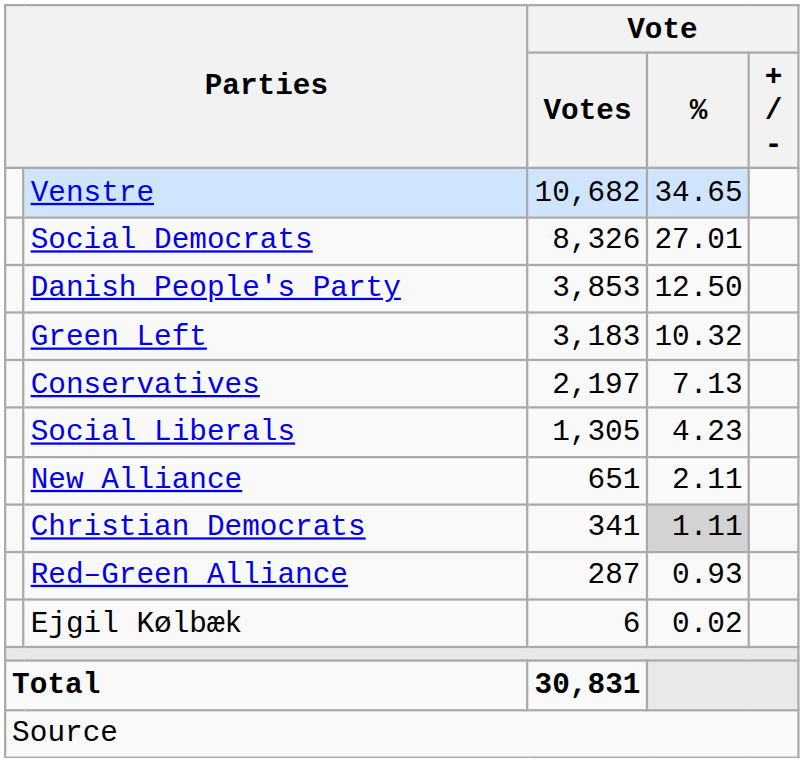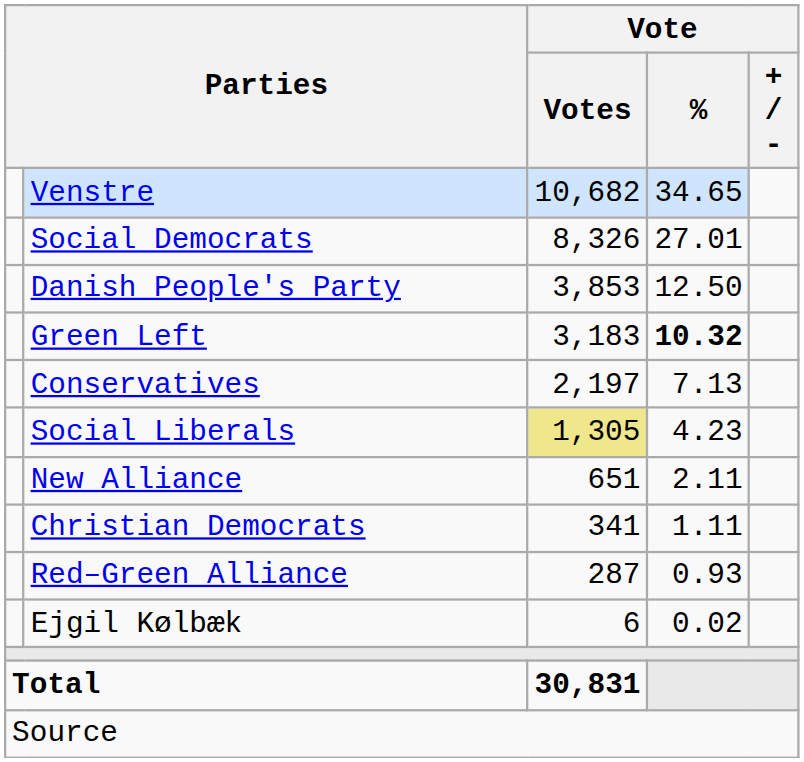 <table class="wikitable" style="text-align:right;">
 <tr>
 <th style="text-align:centre;" rowspan="2" colspan="2" width="225">Parties</th>
 <th colspan="3">Vote</th>
 </tr>
 <tr>
 <th width="15">Votes</th>
 <th width="15">%</th>
 <th width="15">+ / -</th>
 </tr>
 <tr>
 <td width="2" style="color:inherit;background:"></td>
 <td bgcolor=#cfe5fe  align="left"><a href='#'>Venstre</a></td>
 <td bgcolor=#cfe5fe>10,682</td>
 <td bgcolor=#cfe5fe>34.65</td>
 <td></td>
 </tr>
 <tr>
 <td width="2" style="color:inherit;background:"></td>
 <td align="left"><a href='#'>Social Democrats</a></td>
 <td>8,326</td>
 <td>27.01</td>
 <td></td>
 </tr>
 <tr>
 <td width="2" style="color:inherit;background:"></td>
 <td align="left"><a href='#'>Danish People's Party</a></td>
 <td>3,853</td>
 <td>12.50</td>
 <td></td>
 </tr>
 <tr>
 <td width="2" style="color:inherit;background:"></td>
 <td align="left"><a href='#'>Green Left</a></td>
 <td>3,183</td>
-<td>10.32</td>
+<td><strong>10.32</strong></td>
 <td></td>
 </tr>
 <tr>
 <td width="2" style="color:inherit;background:"></td>
 <td align="left"><a href='#'>Conservatives</a></td>
 <td>2,197</td>
 <td>7.13</td>
 <td></td>
 </tr>
 <tr>
 <td width="2" style="color:inherit;background:"></td>
 <td align="left"><a href='#'>Social Liberals</a></td>
-<td>1,305</td>
+<td style="background: khaki;">1,305</td>
 <td>4.23</td>
 <td></td>
 </tr>
 <tr>
 <td width="2" style="color:inherit;background:"></td>
 <td align="left"><a href='#'>New Alliance</a></td>
 <td>651</td>
 <td>2.11</td>
 <td></td>
 </tr>
 <tr>
 <td width="2" style="color:inherit;background:"></td>
 <td align="left"><a href='#'>Christian Democrats</a></td>
 <td>341</td>
-<td style="background: lightgrey;">1.11</td>
+<td>1.11</td>
 <td></td>
 </tr>
 <tr>
 <td width="2" style="color:inherit;background:"></td>
 <td align="left"><a href='#'>Red–Green Alliance</a></td>
 <td>287</td>
 <td>0.93</td>
 <td></td>
 </tr>
 <tr>
 <td width="2" style="color:inherit;background:"></td>
 <td align="left">Ejgil Kølbæk</td>
 <td>6</td>
 <td>0.02</td>
 <td></td>
 </tr>
 <tr>
 <td colspan="7" bgcolor="#E9E9E9"></td>
 </tr>
 <tr>
 <td align="left" colspan="2"><strong>Total</strong></td>
 <td><strong>30,831</strong></td>
 <td bgcolor="#E9E9E9" colspan="2"></td>
 </tr>
 <tr>
 <td align="left" colspan="6">Source</td>
 </tr>
 </table>
